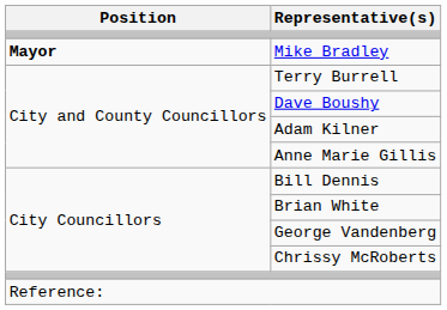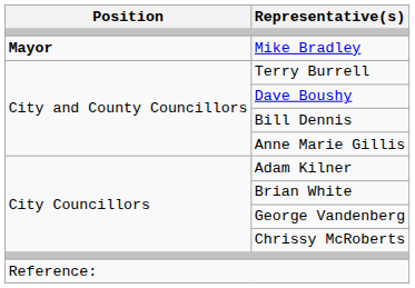 <table class="wikitable">
 <tr>
 <th>Position</th>
 <th>Representative(s)</th>
 </tr>
 <tr>
 <td style="text-align:right;background-color:#c2c2c2;"colspan="2"></td>
 </tr>
 <tr>
 <td><strong>Mayor</strong></td>
 <td><a href='#'>Mike Bradley</a></td>
 </tr>
 <tr>
 <td rowspan="4">City and County Councillors</td>
 <td>Terry Burrell</td>
 </tr>
 <tr>
 <td><a href='#'>Dave Boushy</a></td>
 </tr>
 <tr>
-<td>Adam Kilner</td>
+<td>Bill Dennis</td>
 </tr>
 <tr>
 <td>Anne Marie Gillis</td>
 </tr>
 <tr>
 <td rowspan="4">City Councillors</td>
-<td>Bill Dennis</td>
+<td>Adam Kilner</td>
 </tr>
 <tr>
 <td>Brian White</td>
 </tr>
 <tr>
 <td>George Vandenberg</td>
 </tr>
 <tr>
 <td>Chrissy McRoberts</td>
 </tr>
 <tr>
 <td style="text-align:right;background-color:#c2c2c2;"colspan="2"></td>
 </tr>
 <tr>
 <td colspan="2">Reference:</td>
 </tr>
 </table>
